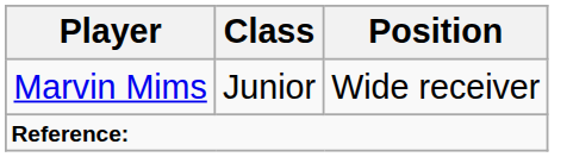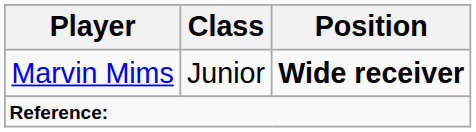 <table class="wikitable">
 <tr>
 <th>Player</th>
 <th>Class</th>
 <th>Position</th>
 </tr>
 <tr>
 <td><a href='#'>Marvin Mims</a></td>
 <td>Junior</td>
-<td>Wide receiver</td>
+<td><strong>Wide receiver</strong></td>
 </tr>
 <tr>
 <td colspan="3"  style="font-size:8pt; text-align:left;"><strong>Reference:</strong></td>
 </tr>
 </table>
